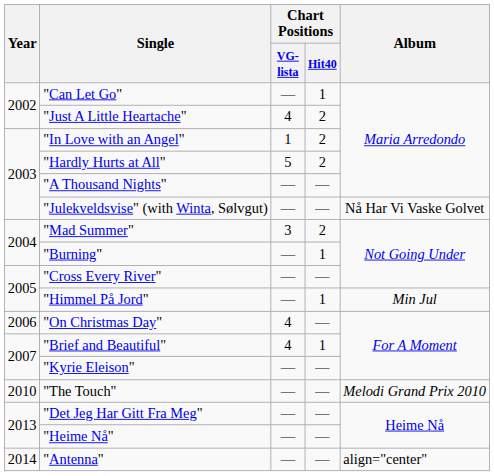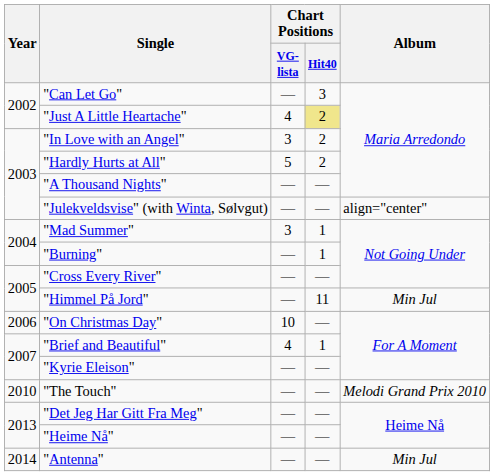 <table class="wikitable">
 <tr>
 <th rowspan="2">Year</th>
 <th rowspan="2">Single</th>
 <th colspan="2">Chart Positions</th>
 <th rowspan="2">Album</th>
 </tr>
 <tr>
 <th width="30"><small><a href='#'>VG-lista</a></small></th>
 <th width="30"><small><a href='#'>Hit40</a></small></th>
 </tr>
 <tr>
 <td align="center" rowspan="2">2002</td>
 <td>"<a href='#'>Can Let Go</a>"</td>
 <td align="center">—</td>
-<td align="center">1</td>
+<td align="center">3</td>
 <td align="center" rowspan="5"><em><a href='#'>Maria Arredondo</a></em></td>
 </tr>
 <tr>
 <td>"<a href='#'>Just A Little Heartache</a>"</td>
 <td align="center">4</td>
-<td align="center">2</td>
+<td align="center" style="background: khaki;">2</td>
 </tr>
 <tr>
 <td align="center" rowspan="4">2003</td>
 <td>"<a href='#'>In Love with an Angel</a>"</td>
-<td align="center">1</td>
+<td align="center">3</td>
 <td align="center">2</td>
 </tr>
 <tr>
 <td>"<a href='#'>Hardly Hurts at All</a>"</td>
 <td align="center">5</td>
 <td align="center">2</td>
 </tr>
 <tr>
 <td>"<a href='#'>A Thousand Nights</a>"</td>
 <td align="center">—</td>
 <td align="center">—</td>
 </tr>
 <tr>
 <td>"<a href='#'>Julekveldsvise</a>" (with <a href='#'>Winta</a>, Sølvgut)</td>
 <td align="center">—</td>
 <td align="center">—</td>
-<td align="center" rowspan="1">Nå Har Vi Vaske Golvet</td>
+<td>align="center" </td>
 </tr>
 <tr>
 <td align="center" rowspan="2">2004</td>
 <td>"<a href='#'>Mad Summer</a>"</td>
 <td align="center">3</td>
-<td align="center">2</td>
+<td align="center">1</td>
 <td align="center" rowspan="3"><em><a href='#'>Not Going Under</a></em></td>
 </tr>
 <tr>
 <td>"<a href='#'>Burning</a>"</td>
 <td align="center">—</td>
 <td align="center">1</td>
 </tr>
 <tr>
 <td align="center" rowspan="2">2005</td>
 <td>"<a href='#'>Cross Every River</a>"</td>
 <td align="center">—</td>
 <td align="center">—</td>
 </tr>
 <tr>
 <td>"<a href='#'>Himmel På Jord</a>"</td>
 <td align="center">—</td>
-<td align="center">1</td>
+<td align="center">11</td>
 <td align="center" rowspan="1"><em>Min Jul</em></td>
 </tr>
 <tr>
 <td align="center" rowspan="1">2006</td>
 <td>"<a href='#'>On Christmas Day</a>"</td>
-<td align="center">4</td>
+<td align="center">10</td>
 <td align="center">—</td>
 <td align="center" rowspan="3"><em><a href='#'>For A Moment</a></em></td>
 </tr>
 <tr>
 <td align="center" rowspan="2">2007</td>
 <td>"<a href='#'>Brief and Beautiful</a>"</td>
 <td align="center">4</td>
 <td align="center">1</td>
 </tr>
 <tr>
 <td>"<a href='#'>Kyrie Eleison</a>"</td>
 <td align="center">—</td>
 <td align="center">—</td>
 </tr>
 <tr>
 <td align="center" rowspan="1">2010</td>
 <td>"The Touch"</td>
 <td align="center">—</td>
 <td align="center">—</td>
 <td align="center" rowspan="1"><em>Melodi Grand Prix 2010</em></td>
 </tr>
 <tr>
 <td align="center" rowspan="2">2013</td>
 <td>"<a href='#'>Det Jeg Har Gitt Fra Meg</a>"</td>
 <td align="center">—</td>
 <td align="center">—</td>
 <td align="center" rowspan="2"><a href='#'>Heime Nå</a></td>
 </tr>
 <tr>
 <td>"<a href='#'>Heime Nå</a>"</td>
 <td align="center">—</td>
 <td align="center">—</td>
 </tr>
 <tr>
 <td align="center" rowspan="1">2014</td>
 <td>"<a href='#'>Antenna</a>"</td>
 <td align="center">—</td>
 <td align="center">—</td>
-<td>align="center" </td>
+<td align="center" rowspan="1"><em>Min Jul</em></td>
 </tr>
 </table>
